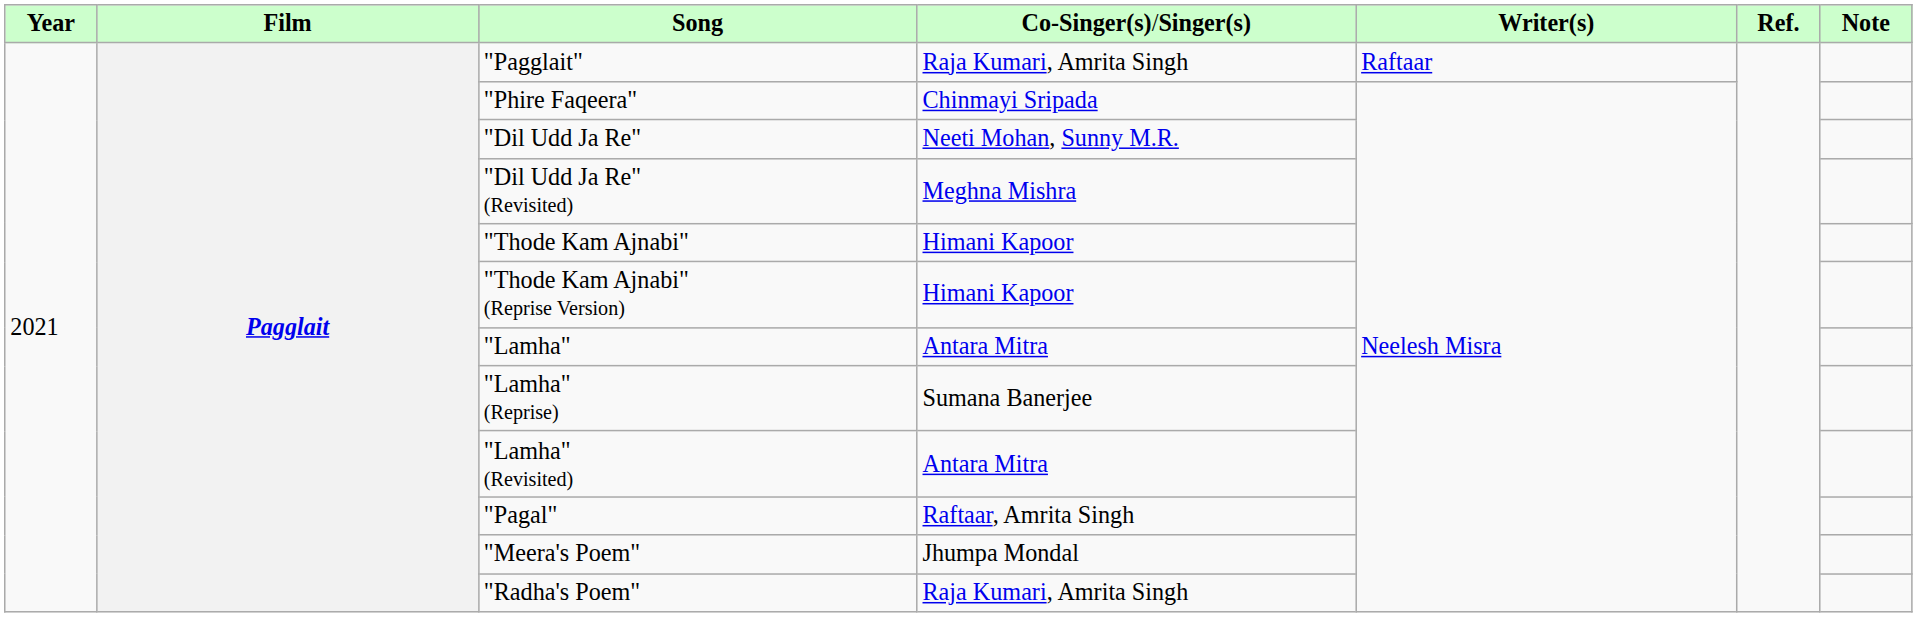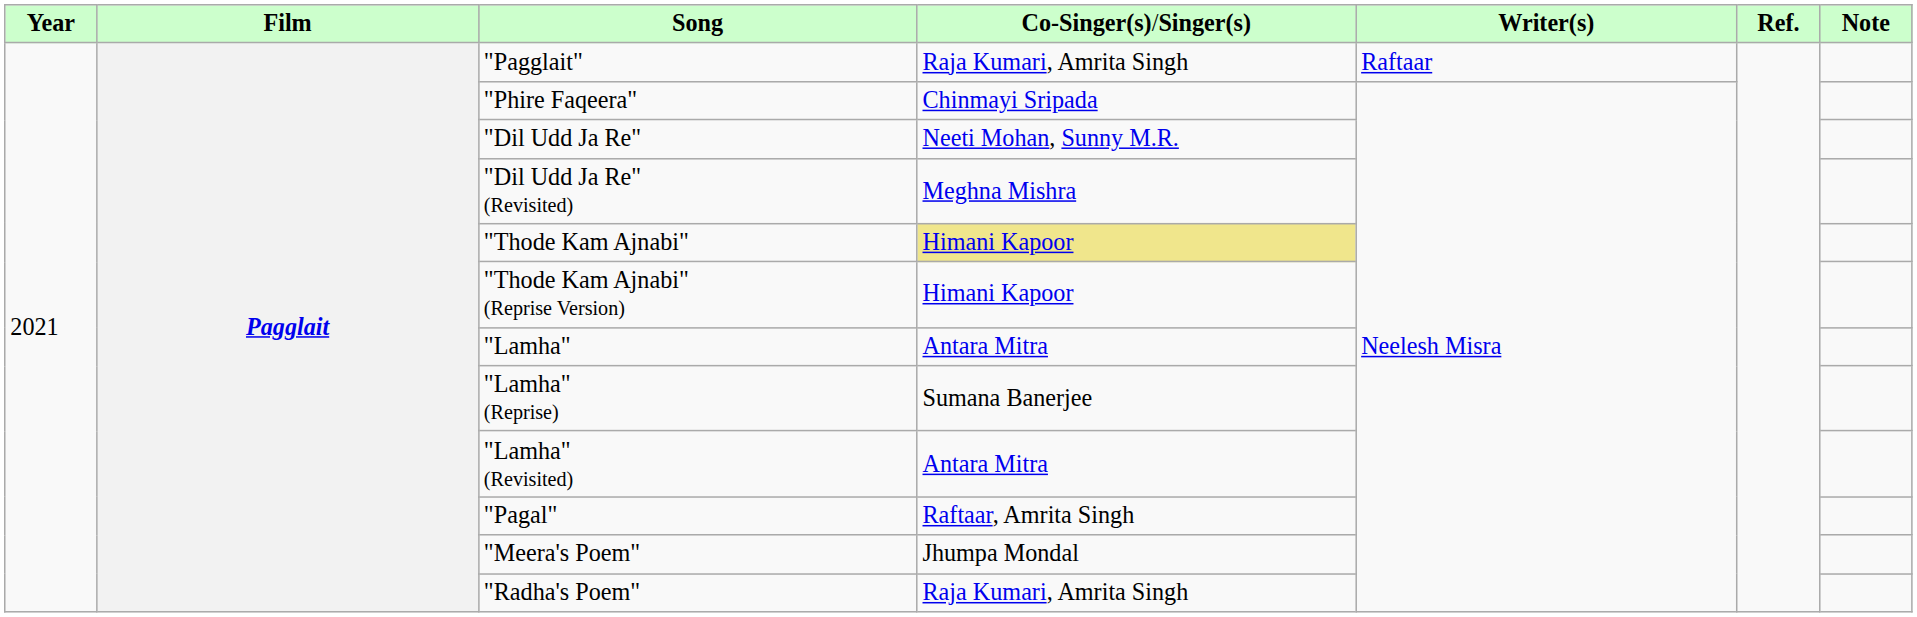 <table class="wikitable plainrowheaders" style="width:100%;" textcolor:#000;">
 <tr style="background:#cfc; text-align:center;">
 <td scope="col"><strong>Year</strong></td>
 <td scope="col" style="width:20%;"><strong>Film</strong></td>
 <td scope="col" style="width:23%;"><strong>Song</strong></td>
 <td scope="col" style="width:23%;"><strong>Co-Singer(s)</strong>/<strong>Singer(s)</strong></td>
 <td scope="col" style="width:20%;"><strong>Writer(s)</strong></td>
 <td scope="col"><strong>Ref.</strong></td>
 <td scope="col"><strong>Note</strong></td>
 </tr>
 <tr>
 <td scope="row" rowspan="12">2021</td>
 <th scope="row" rowspan="12"><em><a href='#'>Pagglait</a></em></th>
 <td>"Pagglait"</td>
 <td><a href='#'>Raja Kumari</a>, Amrita Singh</td>
 <td><a href='#'>Raftaar</a></td>
 <td rowspan="12"></td>
 <td></td>
 </tr>
 <tr>
 <td>"Phire Faqeera"</td>
 <td><a href='#'>Chinmayi Sripada</a></td>
 <td rowspan="11"><a href='#'>Neelesh Misra</a></td>
 <td></td>
 </tr>
 <tr>
 <td>"Dil Udd Ja Re"</td>
 <td><a href='#'>Neeti Mohan</a>, <a href='#'>Sunny M.R.</a></td>
 <td></td>
 </tr>
 <tr>
 <td>"Dil Udd Ja Re"<br><small>(Revisited)</small></td>
 <td><a href='#'>Meghna Mishra</a></td>
 <td></td>
 </tr>
 <tr>
 <td>"Thode Kam Ajnabi"</td>
-<td><a href='#'>Himani Kapoor</a></td>
+<td style="background: khaki;"><a href='#'>Himani Kapoor</a></td>
 <td></td>
 </tr>
 <tr>
 <td>"Thode Kam Ajnabi"<br><small>(Reprise Version)</small></td>
 <td><a href='#'>Himani Kapoor</a></td>
 <td></td>
 </tr>
 <tr>
 <td>"Lamha"</td>
 <td><a href='#'>Antara Mitra</a></td>
 <td></td>
 </tr>
 <tr>
 <td>"Lamha"<br><small>(Reprise)</small></td>
 <td>Sumana Banerjee</td>
 <td></td>
 </tr>
 <tr>
 <td>"Lamha"<br><small>(Revisited)</small></td>
 <td><a href='#'>Antara Mitra</a></td>
 <td></td>
 </tr>
 <tr>
 <td>"Pagal"</td>
 <td><a href='#'>Raftaar</a>, Amrita Singh</td>
 <td></td>
 </tr>
 <tr>
 <td>"Meera's Poem"</td>
 <td>Jhumpa Mondal</td>
 <td></td>
 </tr>
 <tr>
 <td>"Radha's Poem"</td>
 <td><a href='#'>Raja Kumari</a>, Amrita Singh</td>
 <td></td>
 </tr>
 </table>
